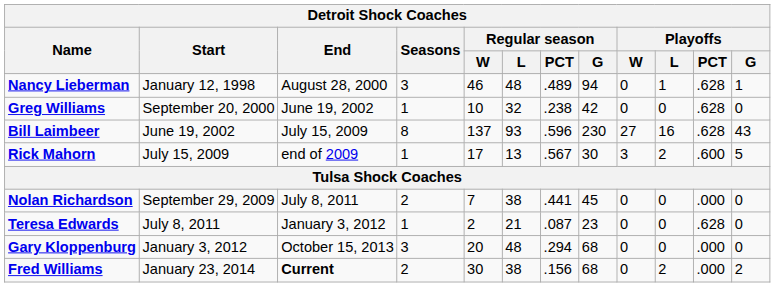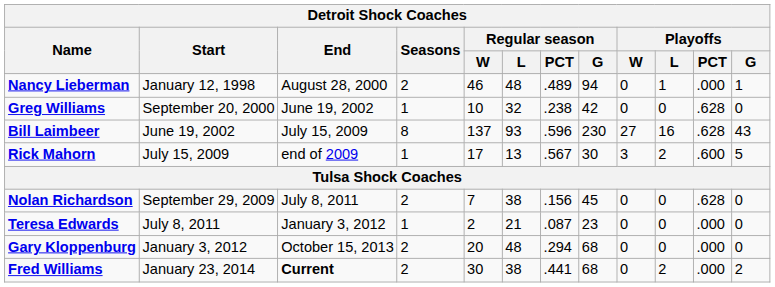 <table class="wikitable" style="margin:0.2em auto;">
 <tr>
 <th colspan=12>Detroit Shock Coaches</th>
 </tr>
 <tr>
 <th rowspan="2">Name</th>
 <th rowspan="2">Start</th>
 <th rowspan="2">End</th>
 <th rowspan="2">Seasons</th>
 <th colspan="4">Regular season</th>
 <th colspan="4">Playoffs</th>
 </tr>
 <tr>
 <th>W</th>
 <th>L</th>
 <th>PCT</th>
 <th>G</th>
 <th>W</th>
 <th>L</th>
 <th>PCT</th>
 <th>G</th>
 </tr>
 <tr>
 <td><strong><a href='#'>Nancy Lieberman</a></strong></td>
 <td>January 12, 1998</td>
 <td>August 28, 2000</td>
-<td>3</td>
+<td>2</td>
 <td style="width:5%;">46</td>
 <td style="width:5%;">48</td>
 <td style="width:5%;">.489</td>
 <td style="width:5%;">94</td>
 <td style="width:5%;">0</td>
 <td style="width:5%;">1</td>
-<td style="width:5%;">.628</td>
+<td style="width:5%;">.000</td>
 <td style="width:5%;">1</td>
 </tr>
 <tr>
 <td><strong><a href='#'>Greg Williams</a></strong></td>
 <td>September 20, 2000</td>
 <td>June 19, 2002</td>
 <td>1</td>
 <td style="width:5%;">10</td>
 <td style="width:5%;">32</td>
 <td style="width:5%;">.238</td>
 <td style="width:5%;">42</td>
 <td style="width:5%;">0</td>
 <td style="width:5%;">0</td>
 <td style="width:5%;">.628</td>
 <td style="width:5%;">0</td>
 </tr>
 <tr>
 <td><strong><a href='#'>Bill Laimbeer</a></strong></td>
 <td>June 19, 2002</td>
 <td>July 15, 2009</td>
 <td>8</td>
 <td style="width:5%;">137</td>
 <td style="width:5%;">93</td>
 <td style="width:5%;">.596</td>
 <td style="width:5%;">230</td>
 <td style="width:5%;">27</td>
 <td style="width:5%;">16</td>
 <td style="width:5%;">.628</td>
 <td style="width:5%;">43</td>
 </tr>
 <tr>
 <td><strong><a href='#'>Rick Mahorn</a></strong></td>
 <td>July 15, 2009</td>
 <td>end of <a href='#'>2009</a></td>
 <td>1</td>
 <td style="width:5%;">17</td>
 <td style="width:5%;">13</td>
 <td style="width:5%;">.567</td>
 <td style="width:5%;">30</td>
 <td style="width:5%;">3</td>
 <td style="width:5%;">2</td>
 <td style="width:5%;">.600</td>
 <td style="width:5%;">5</td>
 </tr>
 <tr>
 <th colspan=12>Tulsa Shock Coaches</th>
 </tr>
 <tr>
 <td><strong><a href='#'>Nolan Richardson</a></strong></td>
 <td>September 29, 2009</td>
 <td>July 8, 2011</td>
 <td>2</td>
 <td style="width:5%;">7</td>
 <td style="width:5%;">38</td>
-<td style="width:5%;">.441</td>
+<td style="width:5%;">.156</td>
 <td style="width:5%;">45</td>
 <td style="width:5%;">0</td>
 <td style="width:5%;">0</td>
-<td style="width:5%;">.000</td>
+<td style="width:5%;">.628</td>
 <td style="width:5%;">0</td>
 </tr>
 <tr>
 <td><strong><a href='#'>Teresa Edwards</a></strong></td>
 <td>July 8, 2011</td>
 <td>January 3, 2012</td>
 <td>1</td>
 <td style="width:5%;">2</td>
 <td style="width:5%;">21</td>
 <td style="width:5%;">.087</td>
 <td style="width:5%;">23</td>
 <td style="width:5%;">0</td>
 <td style="width:5%;">0</td>
-<td style="width:5%;">.628</td>
+<td style="width:5%;">.000</td>
 <td style="width:5%;">0</td>
 </tr>
 <tr>
 <td><strong><a href='#'>Gary Kloppenburg</a></strong></td>
 <td>January 3, 2012</td>
 <td>October 15, 2013</td>
-<td>3</td>
+<td>2</td>
 <td style="width:5%;">20</td>
 <td style="width:5%;">48</td>
 <td style="width:5%;">.294</td>
 <td style="width:5%;">68</td>
 <td style="width:5%;">0</td>
 <td style="width:5%;">0</td>
 <td style="width:5%;">.000</td>
 <td style="width:5%;">0</td>
 </tr>
 <tr>
 <td><strong><a href='#'>Fred Williams</a></strong></td>
 <td>January 23, 2014</td>
 <td><strong>Current</strong></td>
 <td>2</td>
 <td style="width:5%;">30</td>
 <td style="width:5%;">38</td>
-<td style="width:5%;">.156</td>
+<td style="width:5%;">.441</td>
 <td style="width:5%;">68</td>
 <td style="width:5%;">0</td>
 <td style="width:5%;">2</td>
 <td style="width:5%;">.000</td>
 <td style="width:5%;">2</td>
 </tr>
 </table>
